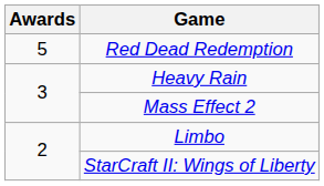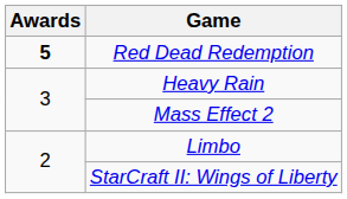 <table class="wikitable floatleft" rowspan="2" style="text-align:center;" background: #f6e39c;>
 <tr>
 <th scope="col">Awards</th>
 <th scope="col">Game</th>
 </tr>
 <tr>
-<td>5</td>
+<td><strong>5</strong></td>
 <td><em><a href='#'>Red Dead Redemption</a></em></td>
 </tr>
 <tr>
 <td rowspan=2>3</td>
 <td><em><a href='#'>Heavy Rain</a></em></td>
 </tr>
 <tr>
 <td><em><a href='#'>Mass Effect 2</a></em></td>
 </tr>
 <tr>
 <td rowspan=2>2</td>
 <td><em><a href='#'>Limbo</a></em></td>
 </tr>
 <tr>
 <td><em><a href='#'>StarCraft II: Wings of Liberty</a></em></td>
 </tr>
 </table>
